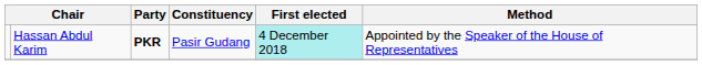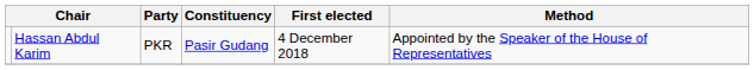 <table class="wikitable">
 <tr>
 <th colspan="2">Chair</th>
 <th>Party</th>
 <th>Constituency</th>
 <th>First elected</th>
 <th>Method</th>
 </tr>
 <tr>
 <td style="background-color: "></td>
 <td><a href='#'>Hassan Abdul Karim</a></td>
-<td><strong>PKR</strong></td>
+<td>PKR</td>
 <td><a href='#'>Pasir Gudang</a></td>
-<td style="background: paleturquoise;">4 December 2018</td>
+<td>4 December 2018</td>
 <td>Appointed by the <a href='#'>Speaker of the House of Representatives</a></td>
 </tr>
 <tr>
 </tr>
 </table>
